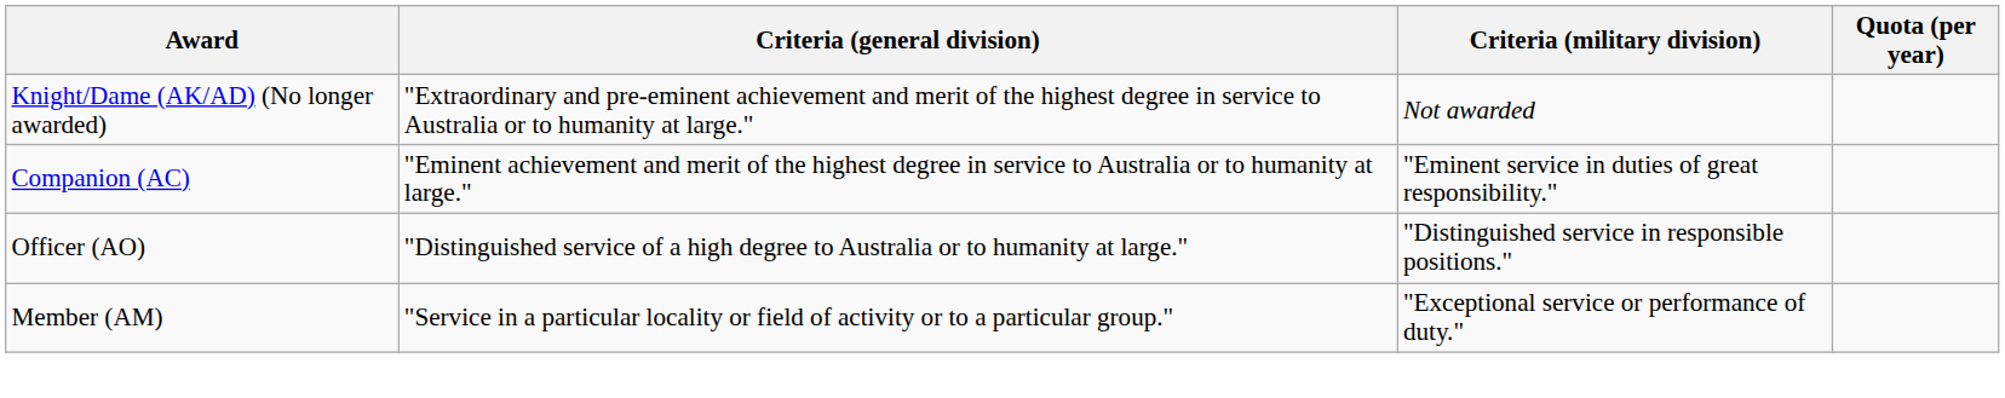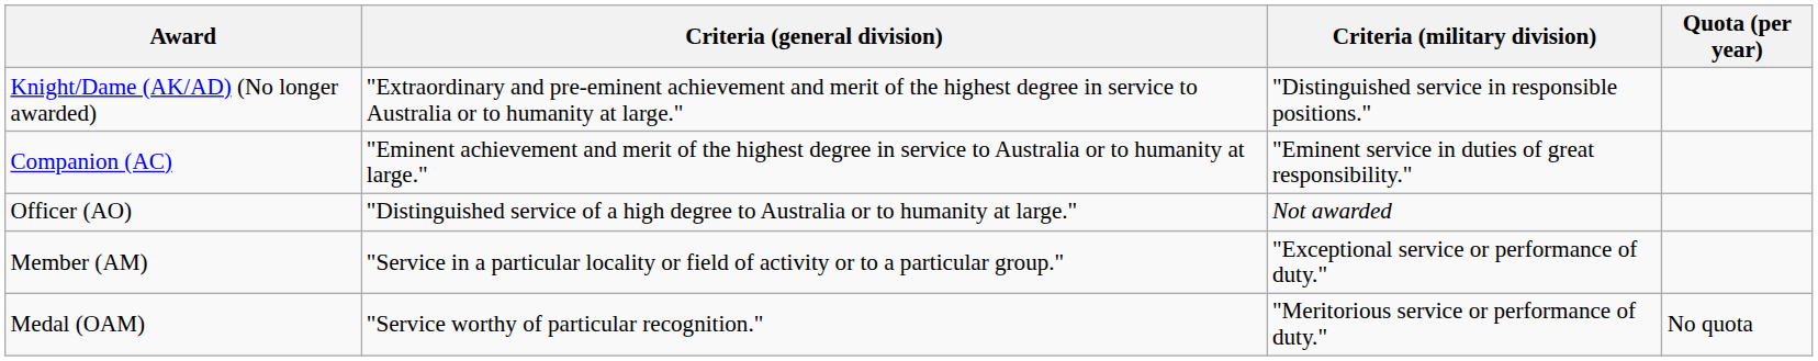 <table class="wikitable">
 <tr>
 <th>Award</th>
 <th>Criteria (general division)</th>
 <th>Criteria (military division)</th>
 <th>Quota (per year)</th>
 </tr>
 <tr>
 <td><a href='#'>Knight/Dame (AK/AD)</a> (No longer awarded)</td>
 <td>"Extraordinary and pre-eminent achievement and merit of the highest degree in service to Australia or to humanity at large."</td>
-<td><em>Not awarded</em></td>
+<td>"Distinguished service in responsible positions."</td>
 <td><br></td>
 </tr>
 <tr>
 <td><a href='#'>Companion (AC)</a></td>
 <td>"Eminent achievement and merit of the highest degree in service to Australia or to humanity at large."</td>
 <td>"Eminent service in duties of great responsibility."</td>
 <td><br> </td>
 </tr>
 <tr>
 <td>Officer (AO)</td>
 <td>"Distinguished service of a high degree to Australia or to humanity at large."</td>
-<td>"Distinguished service in responsible positions."</td>
+<td><em>Not awarded</em></td>
 <td><br></td>
 </tr>
 <tr>
 <td>Member (AM)</td>
 <td>"Service in a particular locality or field of activity or to a particular group."</td>
 <td>"Exceptional service or performance of duty."</td>
 <td><br></td>
 </tr>
+<tr>
+<td>Medal (OAM)</td>
+<td>"Service worthy of particular recognition."</td>
+<td>"Meritorious service or performance of duty."</td>
+<td>No quota</td>
+</tr>
 </table>
